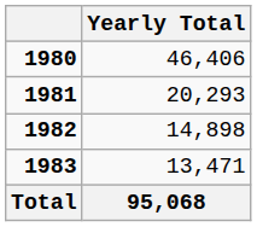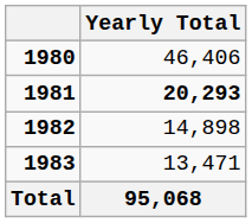 <table class="wikitable" style="text-align:right;">
 <tr>
 <th></th>
 <th>Yearly Total</th>
 </tr>
 <tr>
 <td><strong>1980</strong></td>
 <td>46,406</td>
 </tr>
 <tr>
 <td><strong>1981</strong></td>
-<td>20,293</td>
+<td><strong>20,293</strong></td>
 </tr>
 <tr>
 <td><strong>1982</strong></td>
 <td>14,898</td>
 </tr>
 <tr>
 <td><strong>1983</strong></td>
 <td>13,471</td>
 </tr>
 <tr>
 <th>Total</th>
 <th><strong>95,068</strong></th>
 </tr>
 </table>
